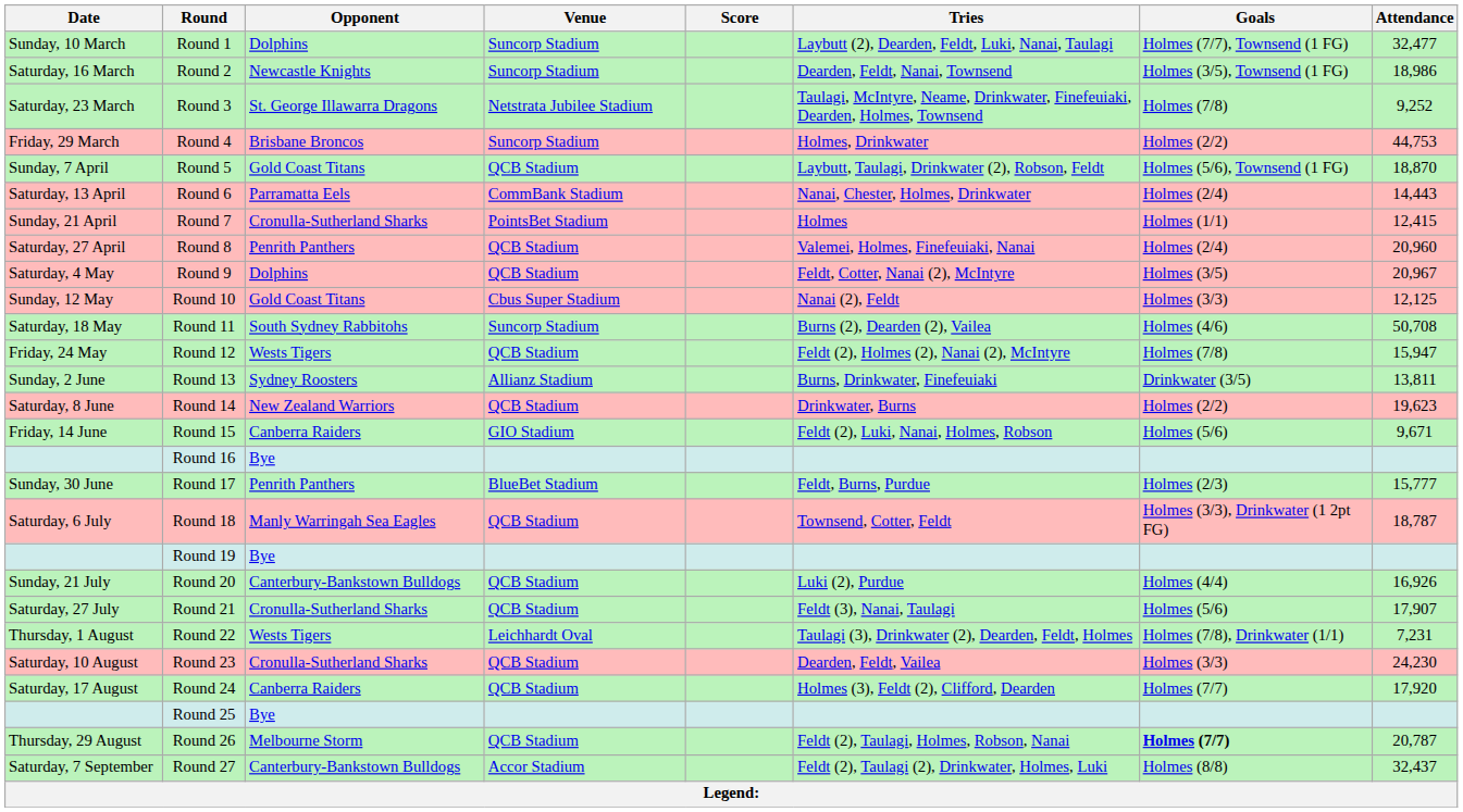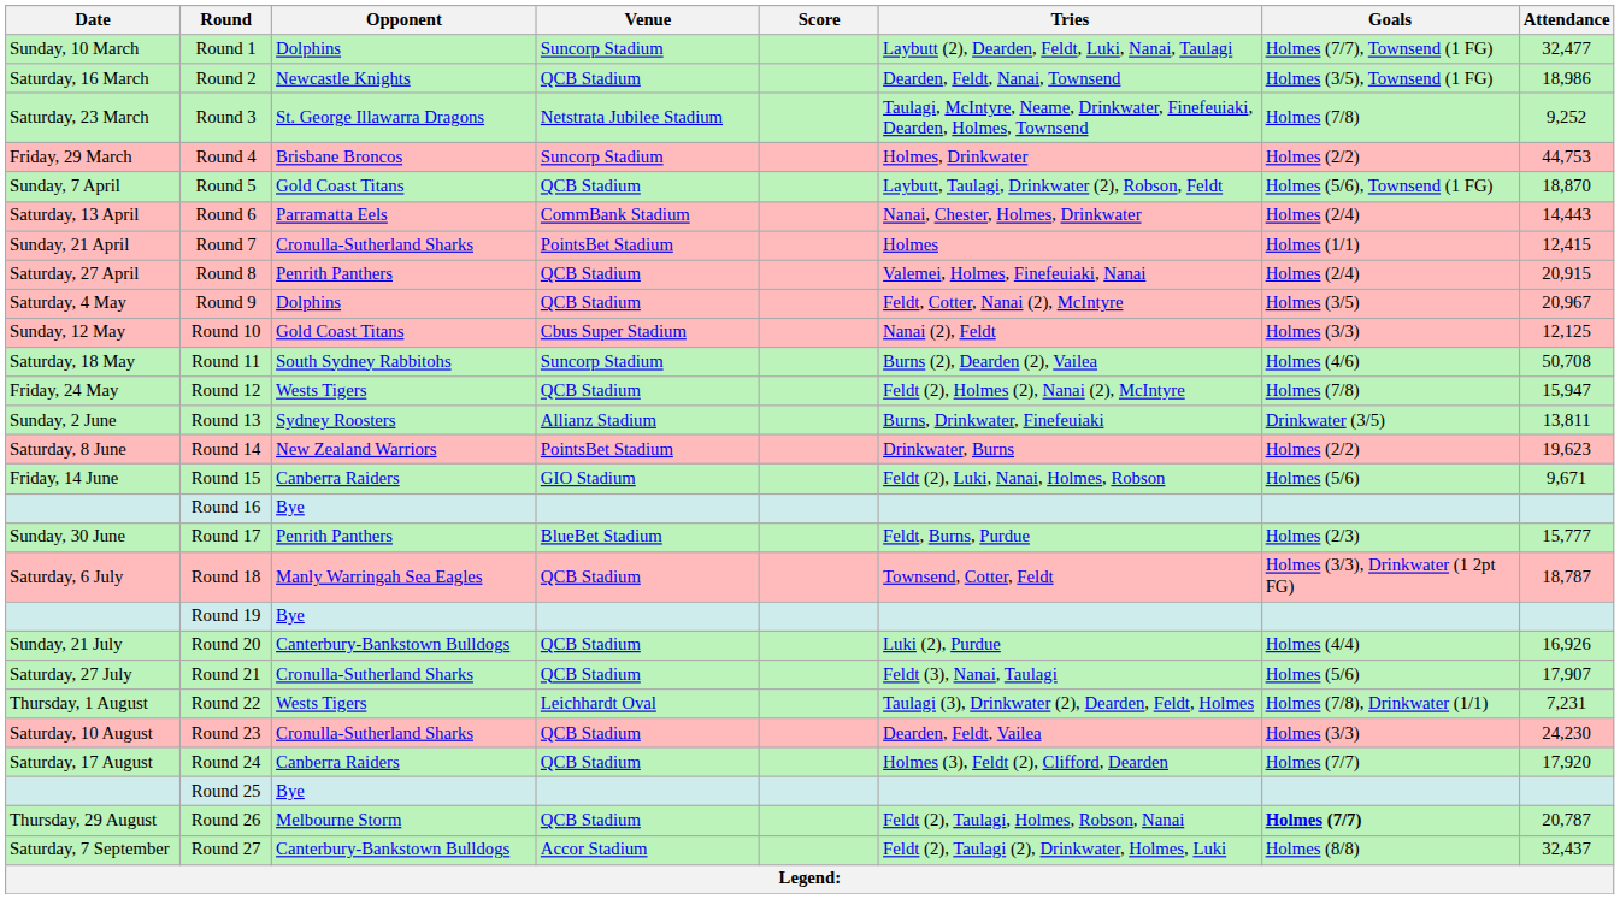 <table class="wikitable" style="font-size:80%;">
 <tr>
 <th style="width:120px;">Date</th>
 <th style="width:60px;">Round</th>
 <th style="width:185px;">Opponent</th>
 <th style="width:155px;">Venue</th>
 <th style="width:80px;">Score</th>
 <th style="width:270px;">Tries</th>
 <th style="width:180px;">Goals</th>
 <th style="width:60px;">Attendance</th>
 </tr>
 <tr style="background:#BBF3BB">
 <td>Sunday, 10 March</td>
 <td style="text-align:center;">Round 1</td>
 <td> <a href='#'>Dolphins</a></td>
 <td><a href='#'>Suncorp Stadium</a></td>
 <td style="text-align:center;"></td>
 <td><a href='#'>Laybutt</a> (2), <a href='#'>Dearden</a>, <a href='#'>Feldt</a>, <a href='#'>Luki</a>, <a href='#'>Nanai</a>, <a href='#'>Taulagi</a></td>
 <td><a href='#'>Holmes</a> (7/7), <a href='#'>Townsend</a> (1 FG)</td>
 <td style="text-align:center;">32,477</td>
 </tr>
 <tr style="background:#BBF3BB">
 <td>Saturday, 16 March</td>
 <td style="text-align:center;">Round 2</td>
 <td> <a href='#'>Newcastle Knights</a></td>
-<td><a href='#'>Suncorp Stadium</a></td>
+<td><a href='#'>QCB Stadium</a></td>
 <td style="text-align:center;"> </td>
 <td><a href='#'>Dearden</a>, <a href='#'>Feldt</a>, <a href='#'>Nanai</a>, <a href='#'>Townsend</a></td>
 <td><a href='#'>Holmes</a> (3/5), <a href='#'>Townsend</a> (1 FG)</td>
 <td style="text-align:center;">18,986</td>
 </tr>
 <tr style="background:#BBF3BB">
 <td>Saturday, 23 March</td>
 <td style="text-align:center;">Round 3</td>
 <td> <a href='#'>St. George Illawarra Dragons</a></td>
 <td><a href='#'>Netstrata Jubilee Stadium</a></td>
 <td style="text-align:center;"></td>
 <td><a href='#'>Taulagi</a>, <a href='#'>McIntyre</a>, <a href='#'>Neame</a>, <a href='#'>Drinkwater</a>, <a href='#'>Finefeuiaki</a>, <a href='#'>Dearden</a>, <a href='#'>Holmes</a>, <a href='#'>Townsend</a></td>
 <td><a href='#'>Holmes</a> (7/8)</td>
 <td style="text-align:center;">9,252</td>
 </tr>
 <tr style="background:#FFBBBB">
 <td>Friday, 29 March</td>
 <td style="text-align:center;">Round 4</td>
 <td> <a href='#'>Brisbane Broncos</a></td>
 <td><a href='#'>Suncorp Stadium</a></td>
 <td style="text-align:center;"></td>
 <td><a href='#'>Holmes</a>, <a href='#'>Drinkwater</a></td>
 <td><a href='#'>Holmes</a> (2/2)</td>
 <td style="text-align:center;">44,753</td>
 </tr>
 <tr style="background:#BBF3BB">
 <td>Sunday, 7 April</td>
 <td style="text-align:center;">Round 5</td>
 <td> <a href='#'>Gold Coast Titans</a></td>
 <td><a href='#'>QCB Stadium</a></td>
 <td style="text-align:center;"></td>
 <td><a href='#'>Laybutt</a>, <a href='#'>Taulagi</a>, <a href='#'>Drinkwater</a> (2), <a href='#'>Robson</a>, <a href='#'>Feldt</a></td>
 <td><a href='#'>Holmes</a> (5/6), <a href='#'>Townsend</a> (1 FG)</td>
 <td style="text-align:center;">18,870</td>
 </tr>
 <tr style="background:#FFBBBB">
 <td>Saturday, 13 April</td>
 <td style="text-align:center;">Round 6</td>
 <td> <a href='#'>Parramatta Eels</a></td>
 <td><a href='#'>CommBank Stadium</a></td>
 <td style="text-align:center;"></td>
 <td><a href='#'>Nanai</a>, <a href='#'>Chester</a>, <a href='#'>Holmes</a>, <a href='#'>Drinkwater</a></td>
 <td><a href='#'>Holmes</a> (2/4)</td>
 <td style="text-align:center;">14,443</td>
 </tr>
 <tr style="background:#FFBBBB">
 <td>Sunday, 21 April</td>
 <td style="text-align:center;">Round 7</td>
 <td> <a href='#'>Cronulla-Sutherland Sharks</a></td>
 <td><a href='#'>PointsBet Stadium</a></td>
 <td style="text-align:center;"></td>
 <td><a href='#'>Holmes</a></td>
 <td><a href='#'>Holmes</a> (1/1)</td>
 <td style="text-align:center;">12,415</td>
 </tr>
 <tr style="background:#FFBBBB">
 <td>Saturday, 27 April</td>
 <td style="text-align:center;">Round 8</td>
 <td> <a href='#'>Penrith Panthers</a></td>
 <td><a href='#'>QCB Stadium</a></td>
 <td style="text-align:center;"></td>
 <td><a href='#'>Valemei</a>, <a href='#'>Holmes</a>, <a href='#'>Finefeuiaki</a>, <a href='#'>Nanai</a></td>
 <td><a href='#'>Holmes</a> (2/4)</td>
-<td style="text-align:center;">20,960</td>
+<td style="text-align:center;">20,915</td>
 </tr>
 <tr style="background:#FFBBBB">
 <td>Saturday, 4 May</td>
 <td style="text-align:center;">Round 9</td>
 <td> <a href='#'>Dolphins</a></td>
 <td><a href='#'>QCB Stadium</a></td>
 <td style="text-align:center;"></td>
 <td><a href='#'>Feldt</a>, <a href='#'>Cotter</a>, <a href='#'>Nanai</a> (2), <a href='#'>McIntyre</a></td>
 <td><a href='#'>Holmes</a> (3/5)</td>
 <td style="text-align:center;">20,967</td>
 </tr>
 <tr style="background:#FFBBBB">
 <td>Sunday, 12 May</td>
 <td style="text-align:center;">Round 10</td>
 <td> <a href='#'>Gold Coast Titans</a></td>
 <td><a href='#'>Cbus Super Stadium</a></td>
 <td style="text-align:center;"></td>
 <td><a href='#'>Nanai</a> (2), <a href='#'>Feldt</a></td>
 <td><a href='#'>Holmes</a> (3/3)</td>
 <td style="text-align:center;">12,125</td>
 </tr>
 <tr style="background:#BBF3BB">
 <td>Saturday, 18 May</td>
 <td style="text-align:center;">Round 11</td>
 <td> <a href='#'>South Sydney Rabbitohs</a></td>
 <td><a href='#'>Suncorp Stadium</a></td>
 <td style="text-align:center;"></td>
 <td><a href='#'>Burns</a> (2), <a href='#'>Dearden</a> (2), <a href='#'>Vailea</a></td>
 <td><a href='#'>Holmes</a> (4/6)</td>
 <td style="text-align:center;">50,708</td>
 </tr>
 <tr style="background:#BBF3BB">
 <td>Friday, 24 May</td>
 <td style="text-align:center;">Round 12</td>
 <td> <a href='#'>Wests Tigers</a></td>
 <td><a href='#'>QCB Stadium</a></td>
 <td style="text-align:center;"></td>
 <td><a href='#'>Feldt</a> (2), <a href='#'>Holmes</a> (2), <a href='#'>Nanai</a> (2), <a href='#'>McIntyre</a></td>
 <td><a href='#'>Holmes</a> (7/8)</td>
 <td style="text-align:center;">15,947</td>
 </tr>
 <tr style="background:#BBF3BB">
 <td>Sunday, 2 June</td>
 <td style="text-align:center;">Round 13</td>
 <td> <a href='#'>Sydney Roosters</a></td>
 <td><a href='#'>Allianz Stadium</a></td>
 <td style="text-align:center;"></td>
 <td><a href='#'>Burns</a>, <a href='#'>Drinkwater</a>, <a href='#'>Finefeuiaki</a></td>
 <td><a href='#'>Drinkwater</a> (3/5)</td>
 <td style="text-align:center;">13,811</td>
 </tr>
 <tr style="background:#FFBBBB">
 <td>Saturday, 8 June</td>
 <td style="text-align:center;">Round 14</td>
 <td> <a href='#'>New Zealand Warriors</a></td>
-<td><a href='#'>QCB Stadium</a></td>
+<td><a href='#'>PointsBet Stadium</a></td>
 <td style="text-align:center;"></td>
 <td><a href='#'>Drinkwater</a>, <a href='#'>Burns</a></td>
 <td><a href='#'>Holmes</a> (2/2)</td>
 <td style="text-align:center;">19,623</td>
 </tr>
 <tr style="background:#BBF3BB">
 <td>Friday, 14 June</td>
 <td style="text-align:center;">Round 15</td>
 <td> <a href='#'>Canberra Raiders</a></td>
 <td><a href='#'>GIO Stadium</a></td>
 <td style="text-align:center;"></td>
 <td><a href='#'>Feldt</a> (2), <a href='#'>Luki</a>, <a href='#'>Nanai</a>, <a href='#'>Holmes</a>, <a href='#'>Robson</a></td>
 <td><a href='#'>Holmes</a> (5/6)</td>
 <td style="text-align:center;">9,671</td>
 </tr>
 <tr style="background:#CFECEC;">
 <td></td>
 <td style="text-align:center;">Round 16</td>
 <td><a href='#'>Bye</a></td>
 <td></td>
 <td></td>
 <td></td>
 <td></td>
 <td></td>
 </tr>
 <tr style="background:#BBF3BB">
 <td>Sunday, 30 June</td>
 <td style="text-align:center;">Round 17</td>
 <td> <a href='#'>Penrith Panthers</a></td>
 <td><a href='#'>BlueBet Stadium</a></td>
 <td style="text-align:center;"></td>
 <td><a href='#'>Feldt</a>, <a href='#'>Burns</a>, <a href='#'>Purdue</a></td>
 <td><a href='#'>Holmes</a> (2/3)</td>
 <td style="text-align:center;">15,777</td>
 </tr>
 <tr style="background:#FFBBBB">
 <td>Saturday, 6 July</td>
 <td style="text-align:center;">Round 18</td>
 <td> <a href='#'>Manly Warringah Sea Eagles</a></td>
 <td><a href='#'>QCB Stadium</a></td>
 <td style="text-align:center;"> </td>
 <td><a href='#'>Townsend</a>, <a href='#'>Cotter</a>, <a href='#'>Feldt</a></td>
 <td><a href='#'>Holmes</a> (3/3), <a href='#'>Drinkwater</a> (1 2pt FG)</td>
 <td style="text-align:center;">18,787</td>
 </tr>
 <tr style="background:#cfecec;">
 <td></td>
 <td style="text-align:center;">Round 19</td>
 <td><a href='#'>Bye</a></td>
 <td></td>
 <td></td>
 <td></td>
 <td></td>
 <td></td>
 </tr>
 <tr style="background:#BBF3BB">
 <td>Sunday, 21 July</td>
 <td style="text-align:center;">Round 20</td>
 <td> <a href='#'>Canterbury-Bankstown Bulldogs</a></td>
 <td><a href='#'>QCB Stadium</a></td>
 <td style="text-align:center;"></td>
 <td><a href='#'>Luki</a> (2), <a href='#'>Purdue</a></td>
 <td><a href='#'>Holmes</a> (4/4)</td>
 <td style="text-align:center;">16,926</td>
 </tr>
 <tr style="background:#BBF3BB">
 <td>Saturday, 27 July</td>
 <td style="text-align:center;">Round 21</td>
 <td> <a href='#'>Cronulla-Sutherland Sharks</a></td>
 <td><a href='#'>QCB Stadium</a></td>
 <td style="text-align:center;"></td>
 <td><a href='#'>Feldt</a> (3), <a href='#'>Nanai</a>, <a href='#'>Taulagi</a></td>
 <td><a href='#'>Holmes</a> (5/6)</td>
 <td style="text-align:center;">17,907</td>
 </tr>
 <tr style="background:#BBF3BB">
 <td>Thursday, 1 August</td>
 <td style="text-align:center;">Round 22</td>
 <td> <a href='#'>Wests Tigers</a></td>
 <td><a href='#'>Leichhardt Oval</a></td>
 <td style="text-align:center;"></td>
 <td><a href='#'>Taulagi</a> (3), <a href='#'>Drinkwater</a> (2), <a href='#'>Dearden</a>, <a href='#'>Feldt</a>, <a href='#'>Holmes</a></td>
 <td><a href='#'>Holmes</a> (7/8), <a href='#'>Drinkwater</a> (1/1)</td>
 <td style="text-align:center;">7,231</td>
 </tr>
 <tr style="background:#FFBBBB">
 <td>Saturday, 10 August</td>
 <td style="text-align:center;">Round 23</td>
 <td> <a href='#'>Cronulla-Sutherland Sharks</a></td>
 <td><a href='#'>QCB Stadium</a></td>
 <td style="text-align:center;"></td>
 <td><a href='#'>Dearden</a>, <a href='#'>Feldt</a>, <a href='#'>Vailea</a></td>
 <td><a href='#'>Holmes</a> (3/3)</td>
 <td style="text-align:center;">24,230</td>
 </tr>
 <tr style="background:#BBF3BB">
 <td>Saturday, 17 August</td>
 <td style="text-align:center;">Round 24</td>
 <td> <a href='#'>Canberra Raiders</a></td>
 <td><a href='#'>QCB Stadium</a></td>
 <td style="text-align:center;"></td>
 <td><a href='#'>Holmes</a> (3), <a href='#'>Feldt</a> (2), <a href='#'>Clifford</a>, <a href='#'>Dearden</a></td>
 <td><a href='#'>Holmes</a> (7/7)</td>
 <td style="text-align:center;">17,920</td>
 </tr>
 <tr style="background:#cfecec;">
 <td></td>
 <td style="text-align:center;">Round 25</td>
 <td><a href='#'>Bye</a></td>
 <td></td>
 <td></td>
 <td></td>
 <td></td>
 <td></td>
 </tr>
 <tr style="background:#BBF3BB">
 <td>Thursday, 29 August</td>
 <td style="text-align:center;">Round 26</td>
 <td> <a href='#'>Melbourne Storm</a></td>
 <td><a href='#'>QCB Stadium</a></td>
 <td style="text-align:center;"></td>
 <td><a href='#'>Feldt</a> (2), <a href='#'>Taulagi</a>, <a href='#'>Holmes</a>, <a href='#'>Robson</a>, <a href='#'>Nanai</a></td>
 <td><strong><a href='#'>Holmes</a> (7/7)</strong></td>
 <td style="text-align:center;">20,787</td>
 </tr>
 <tr style="background:#BBF3BB">
 <td>Saturday, 7 September</td>
 <td style="text-align:center;">Round 27</td>
 <td> <a href='#'>Canterbury-Bankstown Bulldogs</a></td>
 <td><a href='#'>Accor Stadium</a></td>
 <td style="text-align:center;"></td>
 <td><a href='#'>Feldt</a> (2), <a href='#'>Taulagi</a> (2), <a href='#'>Drinkwater</a>, <a href='#'>Holmes</a>, <a href='#'>Luki</a></td>
 <td><a href='#'>Holmes</a> (8/8)</td>
 <td style="text-align:center;">32,437</td>
 </tr>
 <tr>
 <th colspan="11"><strong>Legend</strong>:    </th>
 </tr>
 </table>
